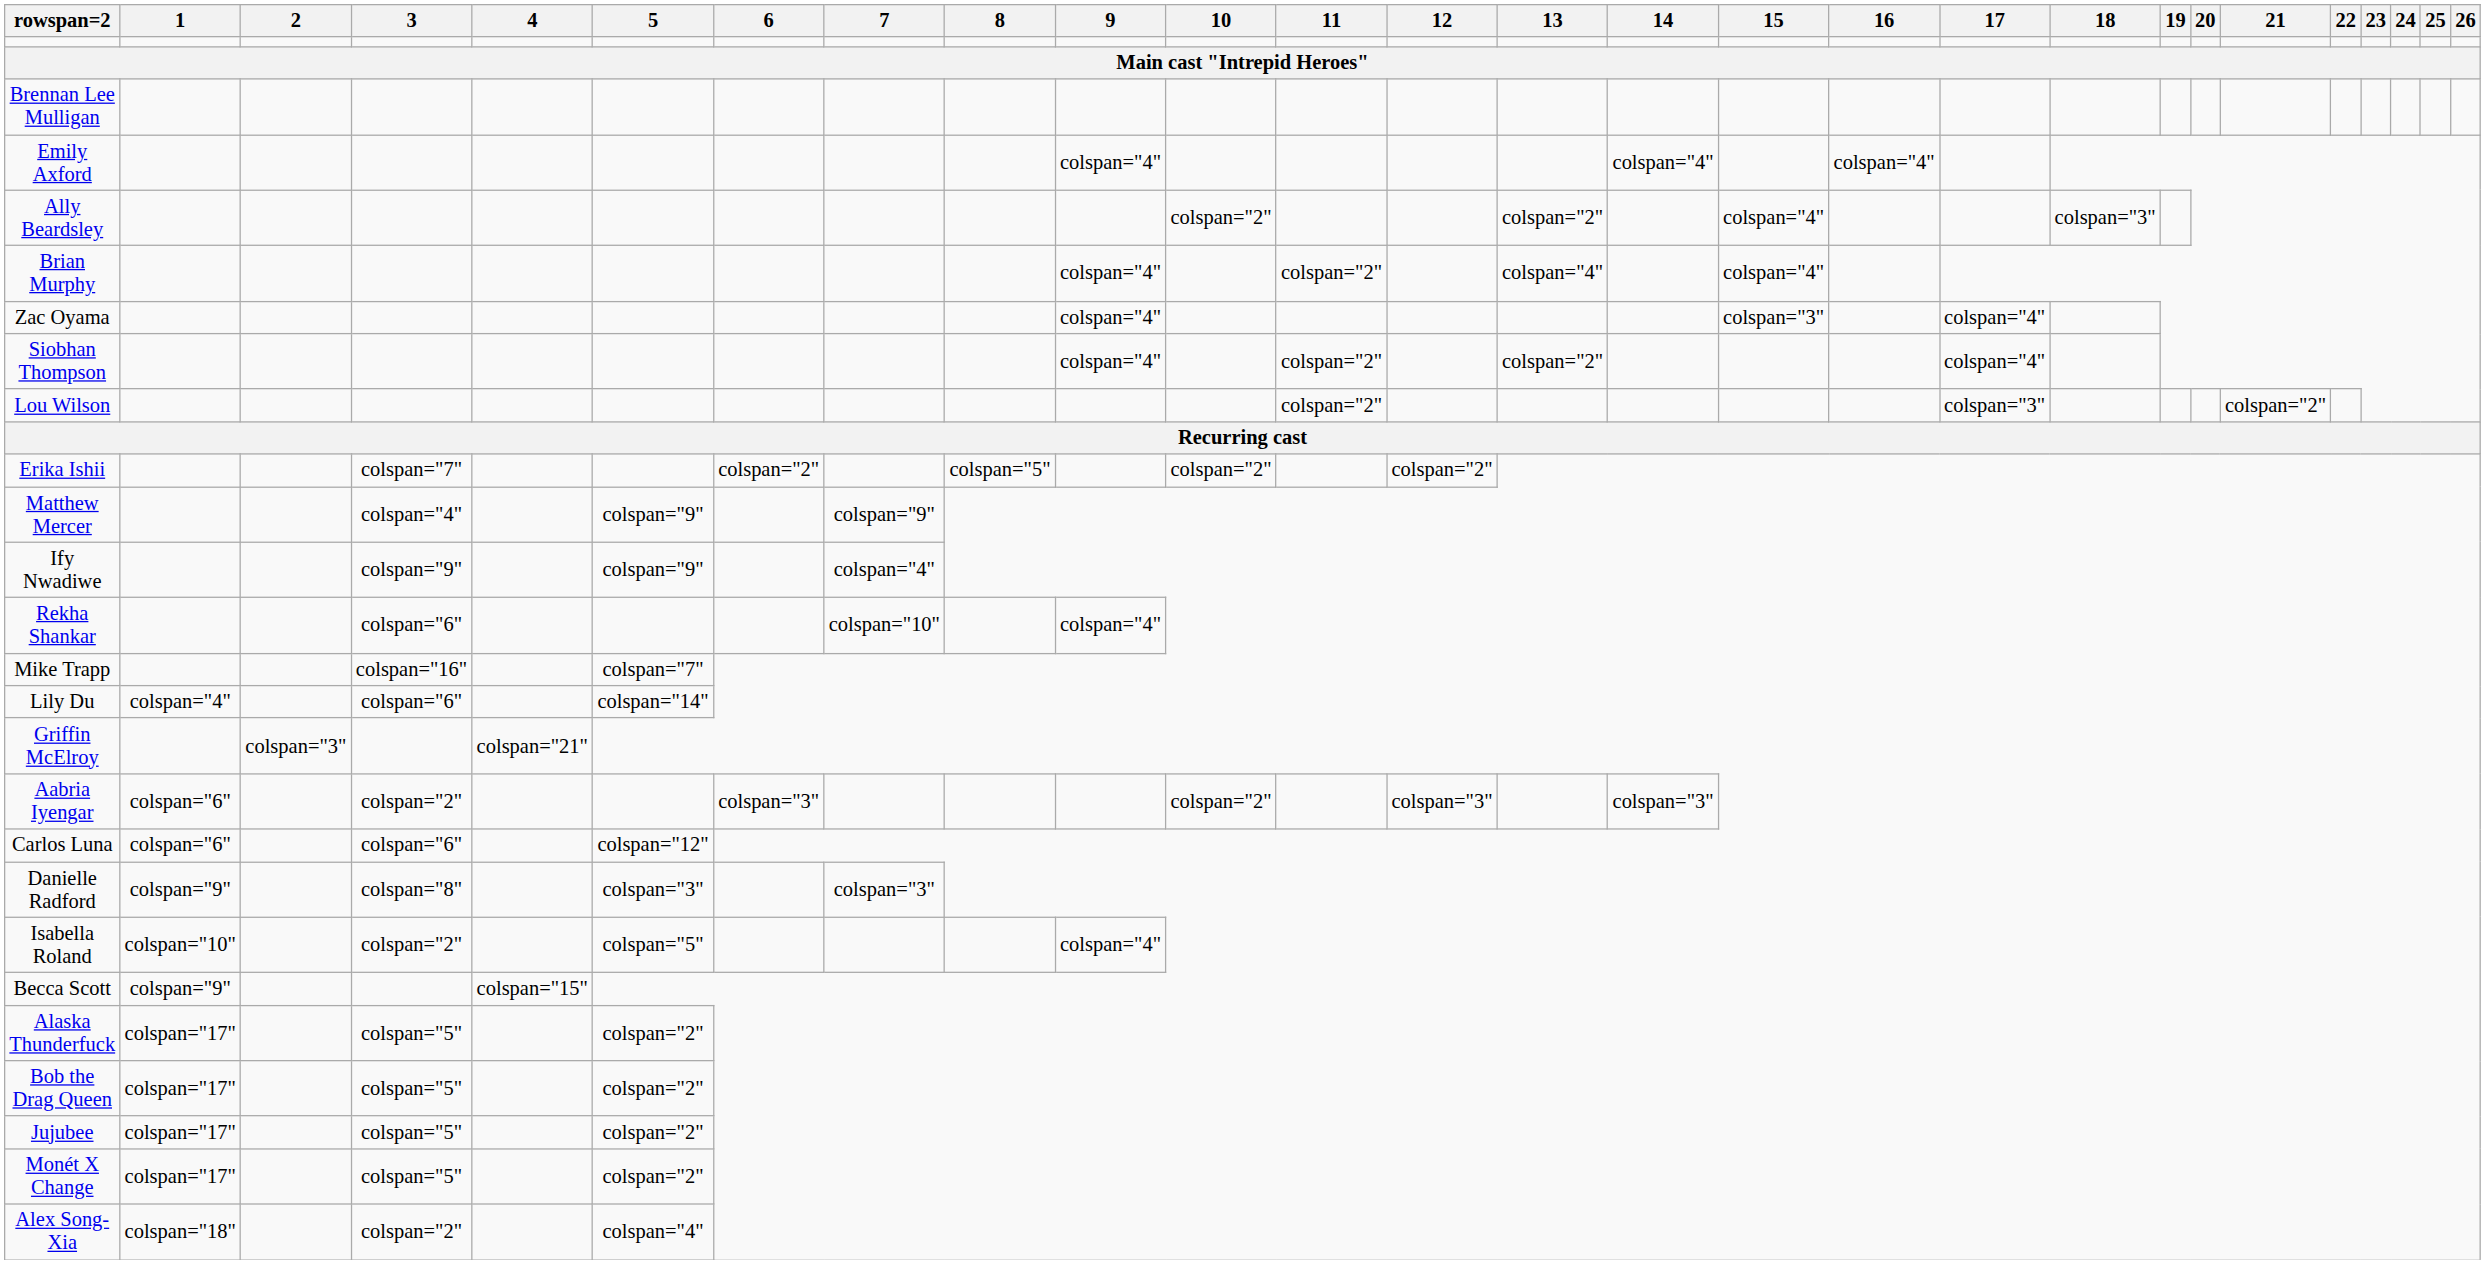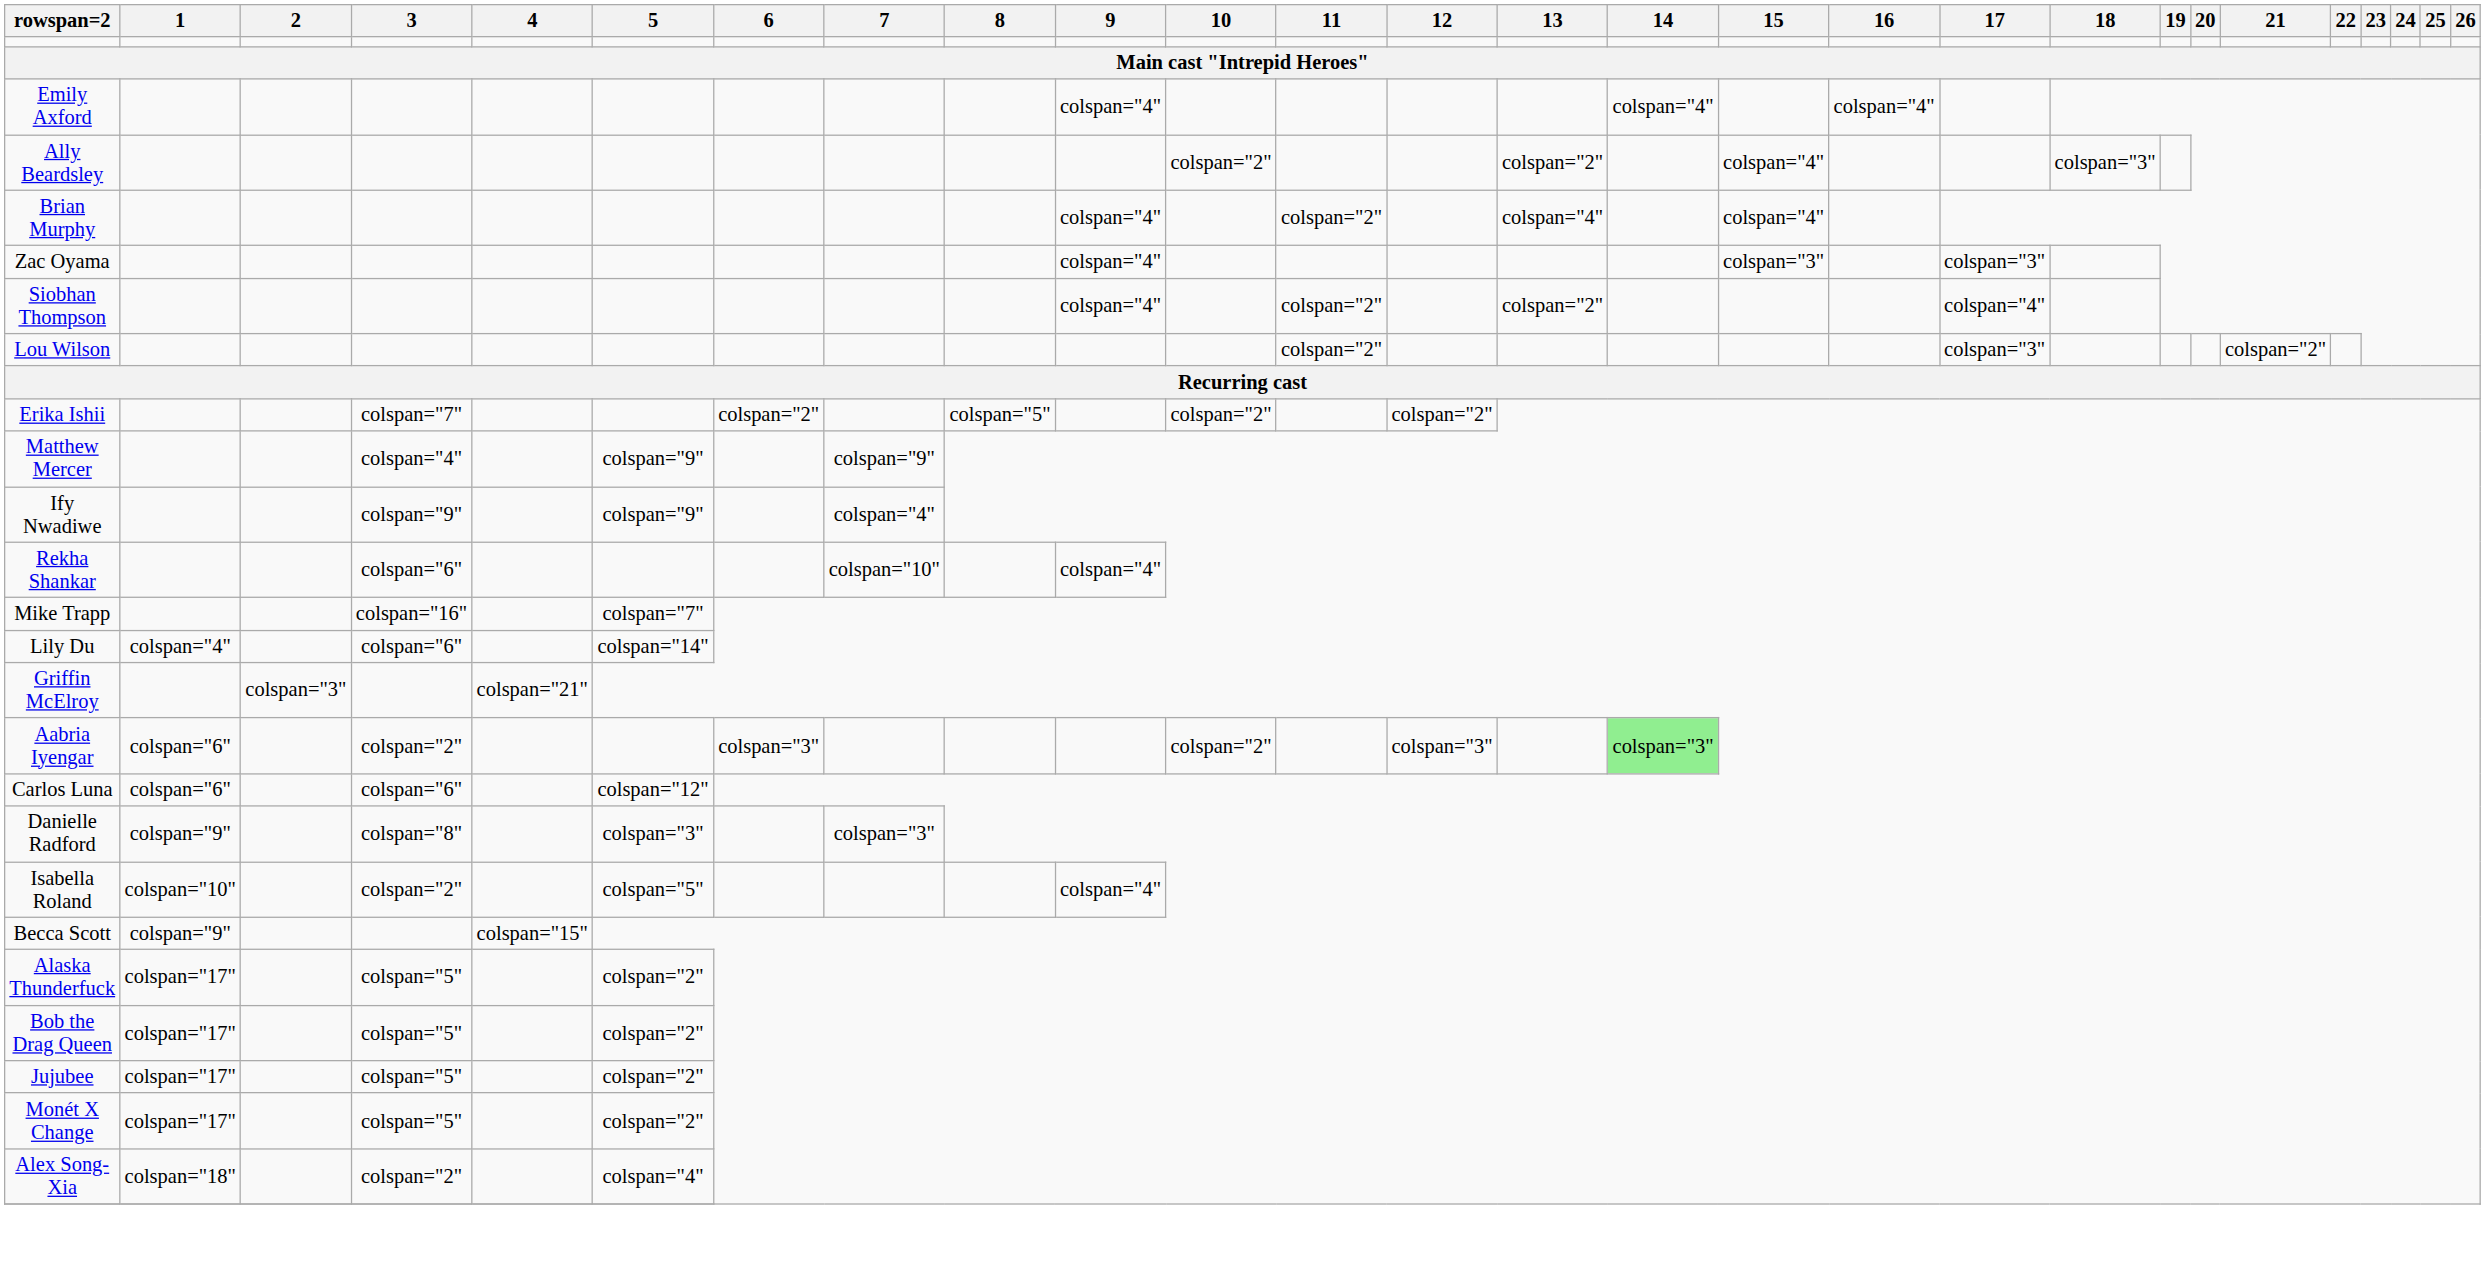 <table class="wikitable plainrowheaders" style="text-align:center">
 <tr>
 <th>rowspan=2 </th>
 <th>1</th>
 <th>2</th>
 <th>3</th>
 <th>4</th>
 <th>5</th>
 <th>6</th>
 <th>7</th>
 <th>8</th>
 <th>9</th>
 <th>10</th>
 <th>11</th>
 <th>12</th>
 <th>13</th>
 <th>14</th>
 <th>15</th>
 <th>16</th>
 <th>17</th>
 <th>18</th>
 <th>19</th>
 <th>20</th>
 <th>21</th>
 <th>22</th>
 <th>23</th>
 <th>24</th>
 <th>25</th>
 <th>26</th>
 </tr>
 <tr>
 <td></td>
 <td></td>
 <td></td>
 <td></td>
 <td></td>
 <td></td>
 <td></td>
 <td></td>
 <td></td>
 <td></td>
 <td></td>
 <td></td>
 <td></td>
 <td></td>
 <td></td>
 <td></td>
 <td></td>
 <td></td>
 <td></td>
 <td></td>
 <td></td>
 <td></td>
 <td></td>
 <td></td>
 <td></td>
 <td></td>
 </tr>
 <tr>
 <th colspan="27">Main cast  "Intrepid Heroes"</th>
-</tr>
-<tr>
-<td><a href='#'>Brennan Lee Mulligan</a></td>
-<td></td>
-<td></td>
-<td></td>
-<td></td>
-<td></td>
-<td></td>
-<td></td>
-<td></td>
-<td></td>
-<td></td>
-<td></td>
-<td></td>
-<td></td>
-<td></td>
-<td></td>
-<td></td>
-<td></td>
-<td></td>
-<td></td>
-<td></td>
-<td></td>
-<td></td>
-<td></td>
-<td></td>
-<td></td>
-<td></td>
 </tr>
 <tr>
 <td><a href='#'>Emily Axford</a></td>
 <td></td>
 <td></td>
 <td></td>
 <td></td>
 <td></td>
 <td></td>
 <td></td>
 <td></td>
 <td>colspan="4" </td>
 <td></td>
 <td></td>
 <td></td>
 <td></td>
 <td>colspan="4" </td>
 <td></td>
 <td>colspan="4" </td>
 <td></td>
 </tr>
 <tr>
 <td><a href='#'>Ally Beardsley</a></td>
 <td></td>
 <td></td>
 <td></td>
 <td></td>
 <td></td>
 <td></td>
 <td></td>
 <td></td>
 <td></td>
 <td>colspan="2" </td>
 <td></td>
 <td></td>
 <td>colspan="2" </td>
 <td></td>
 <td>colspan="4" </td>
 <td></td>
 <td></td>
 <td>colspan="3" </td>
 <td></td>
 </tr>
 <tr>
 <td><a href='#'>Brian Murphy</a></td>
 <td></td>
 <td></td>
 <td></td>
 <td></td>
 <td></td>
 <td></td>
 <td></td>
 <td></td>
 <td>colspan="4" </td>
 <td></td>
 <td>colspan="2" </td>
 <td></td>
 <td>colspan="4" </td>
 <td></td>
 <td>colspan="4" </td>
 <td></td>
 </tr>
 <tr>
 <td>Zac Oyama</td>
 <td></td>
 <td></td>
 <td></td>
 <td></td>
 <td></td>
 <td></td>
 <td></td>
 <td></td>
 <td>colspan="4" </td>
 <td></td>
 <td></td>
 <td></td>
 <td></td>
 <td></td>
 <td>colspan="3" </td>
 <td></td>
-<td>colspan="4" </td>
+<td>colspan="3" </td>
 <td></td>
 </tr>
 <tr>
 <td><a href='#'>Siobhan Thompson</a></td>
 <td></td>
 <td></td>
 <td></td>
 <td></td>
 <td></td>
 <td></td>
 <td></td>
 <td></td>
 <td>colspan="4" </td>
 <td></td>
 <td>colspan="2" </td>
 <td></td>
 <td>colspan="2" </td>
 <td></td>
 <td></td>
 <td></td>
 <td>colspan="4" </td>
 <td></td>
 </tr>
 <tr>
 <td><a href='#'>Lou Wilson</a></td>
 <td></td>
 <td></td>
 <td></td>
 <td></td>
 <td></td>
 <td></td>
 <td></td>
 <td></td>
 <td></td>
 <td></td>
 <td>colspan="2" </td>
 <td></td>
 <td></td>
 <td></td>
 <td></td>
 <td></td>
 <td>colspan="3" </td>
 <td></td>
 <td></td>
 <td></td>
 <td>colspan="2" </td>
 <td></td>
 </tr>
 <tr>
 <th colspan="27">Recurring cast</th>
 </tr>
 <tr>
 <td><a href='#'>Erika Ishii</a></td>
 <td></td>
 <td></td>
 <td>colspan="7" </td>
 <td></td>
 <td></td>
 <td>colspan="2" </td>
 <td></td>
 <td>colspan="5" </td>
 <td></td>
 <td>colspan="2" </td>
 <td></td>
 <td>colspan="2" </td>
 </tr>
 <tr>
 <td><a href='#'>Matthew Mercer</a></td>
 <td></td>
 <td></td>
 <td>colspan="4" </td>
 <td></td>
 <td>colspan="9" </td>
 <td></td>
 <td>colspan="9" </td>
 </tr>
 <tr>
 <td>Ify Nwadiwe</td>
 <td></td>
 <td></td>
 <td>colspan="9" </td>
 <td></td>
 <td>colspan="9" </td>
 <td></td>
 <td>colspan="4" </td>
 </tr>
 <tr>
 <td><a href='#'>Rekha Shankar</a></td>
 <td></td>
 <td></td>
 <td>colspan="6" </td>
 <td></td>
 <td></td>
 <td></td>
 <td>colspan="10" </td>
 <td></td>
 <td>colspan="4" </td>
 </tr>
 <tr>
 <td>Mike Trapp</td>
 <td></td>
 <td></td>
 <td>colspan="16" </td>
 <td></td>
 <td>colspan="7" </td>
 </tr>
 <tr>
 <td>Lily Du</td>
 <td>colspan="4" </td>
 <td></td>
 <td>colspan="6" </td>
 <td></td>
 <td>colspan="14" </td>
 </tr>
 <tr>
 <td><a href='#'>Griffin McElroy</a></td>
 <td></td>
 <td>colspan="3" </td>
 <td></td>
 <td>colspan="21" </td>
 </tr>
 <tr>
 <td><a href='#'>Aabria Iyengar</a></td>
 <td>colspan="6" </td>
 <td></td>
 <td>colspan="2" </td>
 <td></td>
 <td></td>
 <td>colspan="3" </td>
 <td></td>
 <td></td>
 <td></td>
 <td>colspan="2" </td>
 <td></td>
 <td>colspan="3" </td>
 <td></td>
-<td>colspan="3" </td>
+<td style="background: lightgreen;">colspan="3" </td>
 </tr>
 <tr>
 <td>Carlos Luna</td>
 <td>colspan="6" </td>
 <td></td>
 <td>colspan="6" </td>
 <td></td>
 <td>colspan="12" </td>
 </tr>
 <tr>
 <td>Danielle Radford</td>
 <td>colspan="9" </td>
 <td></td>
 <td>colspan="8" </td>
 <td></td>
 <td>colspan="3" </td>
 <td></td>
 <td>colspan="3" </td>
 </tr>
 <tr>
 <td>Isabella Roland</td>
 <td>colspan="10" </td>
 <td></td>
 <td>colspan="2" </td>
 <td></td>
 <td>colspan="5" </td>
 <td></td>
 <td></td>
 <td></td>
 <td>colspan="4" </td>
 </tr>
 <tr>
 <td>Becca Scott</td>
 <td>colspan="9" </td>
 <td></td>
 <td></td>
 <td>colspan="15" </td>
 </tr>
 <tr>
 <td><a href='#'>Alaska Thunderfuck</a></td>
 <td>colspan="17" </td>
 <td></td>
 <td>colspan="5" </td>
 <td></td>
 <td>colspan="2" </td>
 </tr>
 <tr>
 <td><a href='#'>Bob the Drag Queen</a></td>
 <td>colspan="17" </td>
 <td></td>
 <td>colspan="5" </td>
 <td></td>
 <td>colspan="2" </td>
 </tr>
 <tr>
 <td><a href='#'>Jujubee</a></td>
 <td>colspan="17" </td>
 <td></td>
 <td>colspan="5" </td>
 <td></td>
 <td>colspan="2" </td>
 </tr>
 <tr>
 <td><a href='#'>Monét X Change</a></td>
 <td>colspan="17" </td>
 <td></td>
 <td>colspan="5" </td>
 <td></td>
 <td>colspan="2" </td>
 </tr>
 <tr>
 <td><a href='#'>Alex Song-Xia</a></td>
 <td>colspan="18" </td>
 <td></td>
 <td>colspan="2" </td>
 <td></td>
 <td>colspan="4" </td>
 </tr>
 <tr>
 </tr>
 </table>
